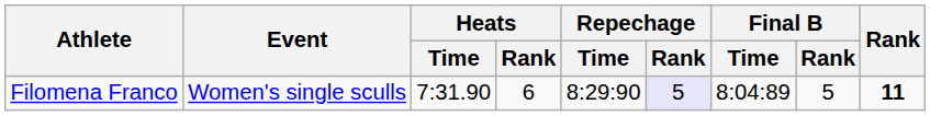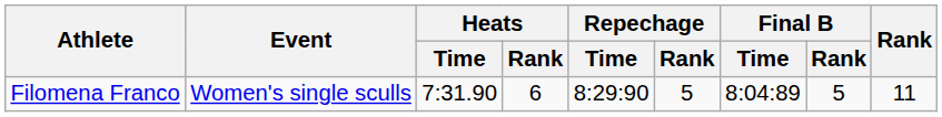 <table class="wikitable" style="font-size:90%; text-align:center;">
 <tr>
 <th rowspan="2">Athlete</th>
 <th rowspan="2">Event</th>
 <th colspan="2">Heats</th>
 <th colspan="2">Repechage</th>
 <th colspan="2">Final B</th>
 <th rowspan="2">Rank</th>
 </tr>
 <tr>
 <th>Time</th>
 <th>Rank</th>
 <th>Time</th>
 <th>Rank</th>
 <th>Time</th>
 <th>Rank</th>
 </tr>
 <tr>
 <td align="left"><a href='#'>Filomena Franco</a></td>
 <td align="left"><a href='#'>Women's single sculls</a></td>
 <td>7:31.90</td>
 <td>6</td>
 <td>8:29:90</td>
-<td style="background: lavender;">5</td>
+<td>5</td>
 <td>8:04:89</td>
 <td>5</td>
-<td><strong>11</strong></td>
+<td>11</td>
 </tr>
 </table>
